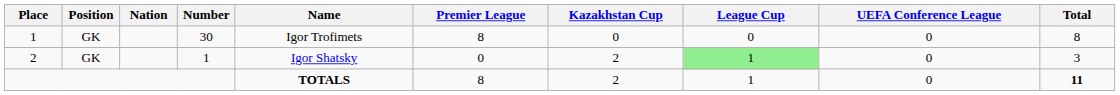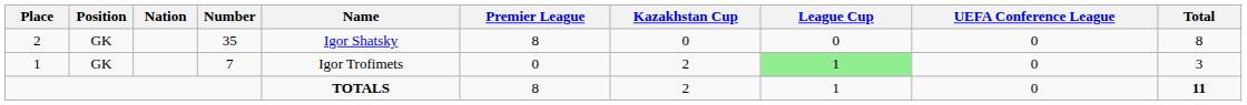 <table class="wikitable" style="font-size: 95%; text-align: center;">
 <tr>
 <th width=60>Place</th>
 <th width=60>Position</th>
 <th width=60>Nation</th>
 <th width=60>Number</th>
 <th width=200>Name</th>
 <th width=150><a href='#'>Premier League</a></th>
 <th width=150><a href='#'>Kazakhstan Cup</a></th>
 <th width=150><a href='#'>League Cup</a></th>
 <th width=250><a href='#'>UEFA Conference League</a></th>
 <th width=80>Total</th>
 </tr>
 <tr>
-<td>1</td>
+<td>2</td>
 <td>GK</td>
 <td></td>
-<td>30</td>
-<td>Igor Trofimets</td>
+<td>35</td>
+<td><a href='#'>Igor Shatsky</a></td>
 <td>8</td>
 <td>0</td>
 <td>0</td>
 <td>0</td>
 <td>8</td>
 </tr>
 <tr>
-<td>2</td>
+<td>1</td>
 <td>GK</td>
 <td></td>
-<td>1</td>
-<td><a href='#'>Igor Shatsky</a></td>
+<td>7</td>
+<td>Igor Trofimets</td>
 <td>0</td>
 <td>2</td>
 <td style="background: lightgreen;">1</td>
 <td>0</td>
 <td>3</td>
 </tr>
 <tr>
 <td colspan="4"></td>
 <td><strong>TOTALS</strong></td>
 <td>8</td>
 <td>2</td>
 <td>1</td>
 <td>0</td>
 <td><strong>11</strong></td>
 </tr>
 </table>
